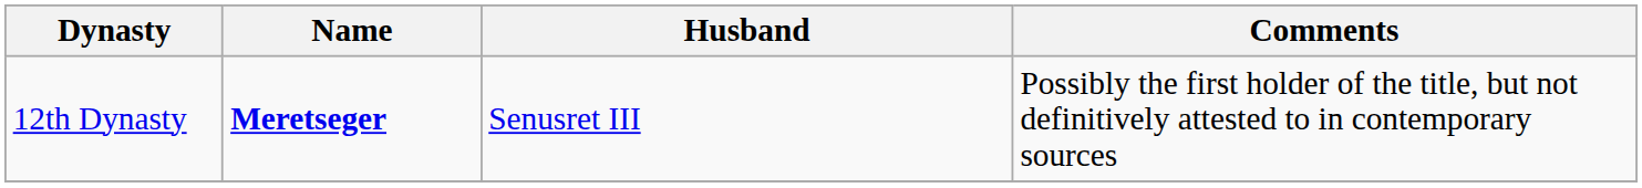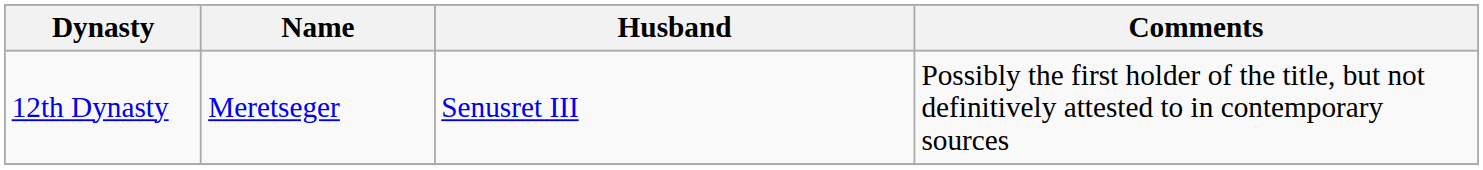 <table class="wikitable">
 <tr>
 <th width="100">Dynasty</th>
 <th width="120">Name</th>
 <th width="255">Husband</th>
 <th width="300">Comments</th>
 </tr>
 <tr>
 <td><a href='#'>12th Dynasty</a></td>
-<td><strong><a href='#'>Meretseger</a></strong></td>
+<td><a href='#'>Meretseger</a></td>
 <td><a href='#'>Senusret III</a></td>
 <td>Possibly the first holder of the title, but not definitively attested to in contemporary sources</td>
 </tr>
 <tr>
 </tr>
 </table>
